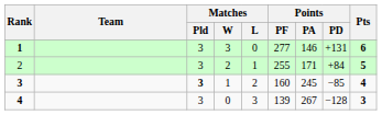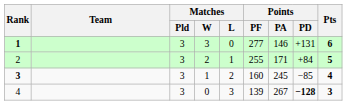 <table class="wikitable" style="font-size:90%; text-align: center">
 <tr>
 <th rowspan=2 width=30>Rank</th>
 <th rowspan=2 width=200>Team</th>
 <th colspan=3>Matches</th>
 <th colspan=3>Points</th>
 <th rowspan=2 width=30>Pts</th>
 </tr>
 <tr>
 <th width=30>Pld</th>
 <th width=30>W</th>
 <th width=30>L</th>
 <th width=30>PF</th>
 <th width=30>PA</th>
 <th width=30>PD</th>
 </tr>
 <tr bgcolor=ccffcc>
 <td><strong>1</strong></td>
 <td align=left></td>
 <td>3</td>
 <td>3</td>
 <td>0</td>
 <td>277</td>
 <td>146</td>
 <td>+131</td>
 <td><strong>6</strong></td>
 </tr>
 <tr bgcolor=ccffcc>
 <td>2</td>
 <td style="text-align:left;"></td>
 <td>3</td>
 <td>2</td>
 <td>1</td>
 <td>255</td>
 <td>171</td>
 <td>+84</td>
 <td><strong>5</strong></td>
 </tr>
 <tr>
 <td><strong>3</strong></td>
 <td style="text-align:left;"></td>
-<td><strong>3</strong></td>
+<td>3</td>
 <td>1</td>
 <td>2</td>
 <td>160</td>
 <td>245</td>
 <td>−85</td>
 <td><strong>4</strong></td>
 </tr>
 <tr>
-<td><strong>4</strong></td>
+<td>4</td>
 <td style="text-align:left;"></td>
 <td>3</td>
 <td>0</td>
 <td>3</td>
 <td>139</td>
 <td>267</td>
-<td>−128</td>
+<td><strong>−128</strong></td>
 <td><strong>3</strong></td>
 </tr>
 </table>
